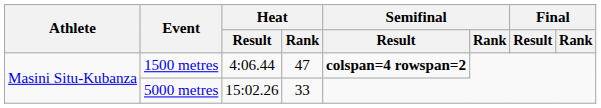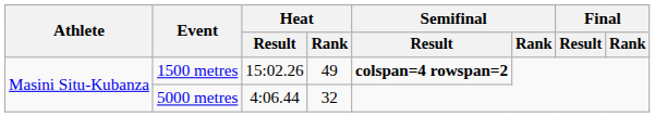 <table class=wikitable style=font-size:90%>
 <tr>
 <th rowspan=2>Athlete</th>
 <th rowspan=2>Event</th>
 <th colspan=2>Heat</th>
 <th colspan=2>Semifinal</th>
 <th colspan=2>Final</th>
 </tr>
 <tr style=font-size:95%>
 <th>Result</th>
 <th>Rank</th>
 <th>Result</th>
 <th>Rank</th>
 <th>Result</th>
 <th>Rank</th>
 </tr>
 <tr align=center>
 <td align=left rowspan=2><a href='#'>Masini Situ-Kubanza</a></td>
 <td align=left><a href='#'>1500 metres</a></td>
-<td>4:06.44</td>
-<td>47</td>
+<td>15:02.26</td>
+<td>49</td>
 <td><strong>colspan=4 rowspan=2 </strong></td>
 </tr>
 <tr align=center>
 <td align=left><a href='#'>5000 metres</a></td>
-<td>15:02.26</td>
-<td>33</td>
+<td>4:06.44</td>
+<td>32</td>
 </tr>
 </table>
